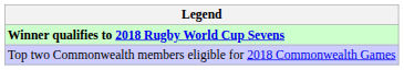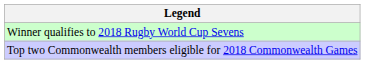 <table class="wikitable">
 <tr>
 <th>Legend</th>
 </tr>
 <tr bgcolor=ccffcc>
-<td><strong>Winner qualifies to <a href='#'>2018 Rugby World Cup Sevens</a></strong></td>
+<td>Winner qualifies to <a href='#'>2018 Rugby World Cup Sevens</a></td>
 </tr>
 <tr bgcolor=ccccff>
 <td>Top two Commonwealth members eligible for <a href='#'>2018 Commonwealth Games</a></td>
 </tr>
 </table>
